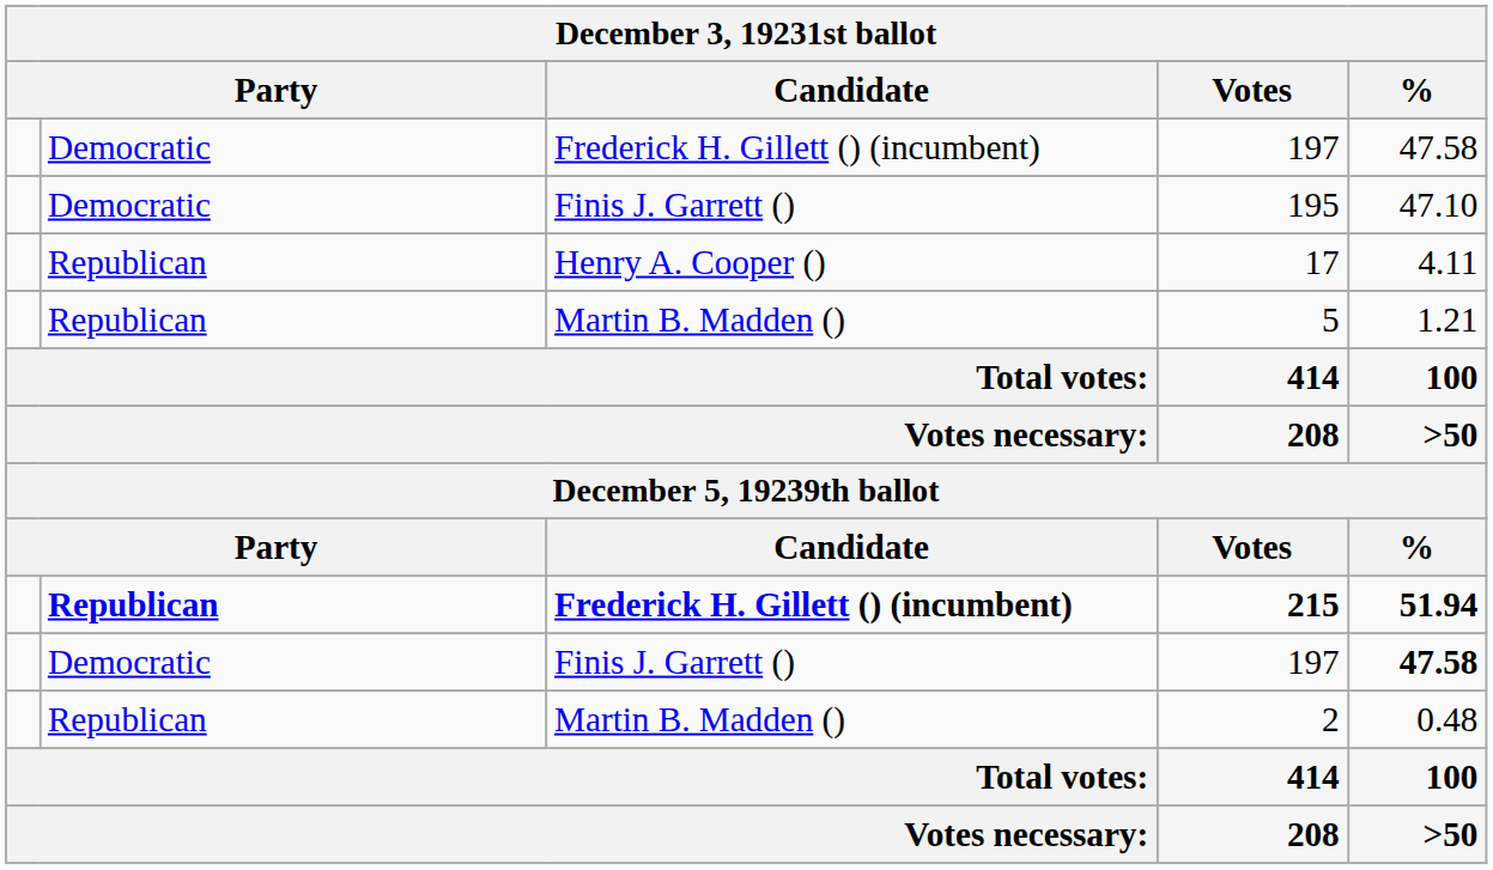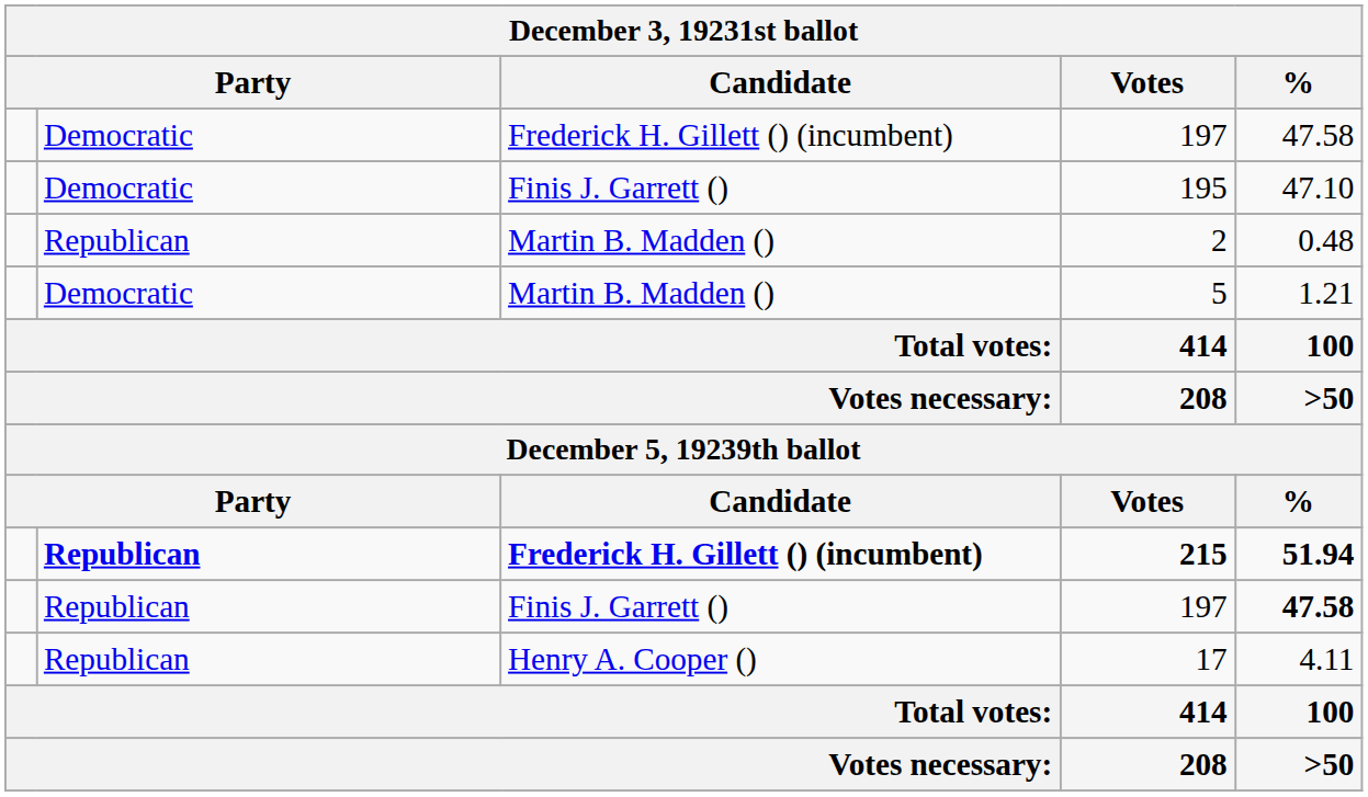 <table class="wikitable" style="margin-right:1em; font-size:95%">
 <tr>
 <th colspan=5 style="font-size:95%">December 3, 19231st ballot</th>
 </tr>
 <tr>
 <th scope="col" colspan="2" style="width: 15em">Party</th>
 <th scope="col" style="width: 17em">Candidate</th>
 <th scope="col" style="width: 5em">Votes</th>
 <th scope="col" style="width: 3.5em">%</th>
 </tr>
 <tr>
 <td style="width: 0.5em; background:"></td>
 <td><a href='#'>Democratic</a></td>
 <td><a href='#'>Frederick H. Gillett</a> () (incumbent)</td>
 <td style="text-align:right">197</td>
 <td style="text-align:right">47.58</td>
 </tr>
 <tr>
 <td style="background:"></td>
 <td><a href='#'>Democratic</a></td>
 <td><a href='#'>Finis J. Garrett</a> ()</td>
 <td style="text-align:right">195</td>
 <td style="text-align:right">47.10</td>
 </tr>
 <tr>
 <td style="background:"></td>
 <td><a href='#'>Republican</a></td>
-<td><a href='#'>Henry A. Cooper</a> ()</td>
-<td style="text-align:right">17</td>
-<td style="text-align:right">4.11</td>
+<td><a href='#'>Martin B. Madden</a> ()</td>
+<td style="text-align:right">2</td>
+<td style="text-align:right">0.48</td>
 </tr>
 <tr>
 <td style="background:"></td>
-<td><a href='#'>Republican</a></td>
+<td><a href='#'>Democratic</a></td>
 <td><a href='#'>Martin B. Madden</a> ()</td>
 <td style="text-align:right">5</td>
 <td style="text-align:right">1.21</td>
 </tr>
 <tr>
 <th colspan=3 style="text-align:right">Total votes:</th>
 <td style="text-align:right; background:#f5f5f5"><strong>414</strong></td>
 <td style="text-align:right; background:#f5f5f5"><strong>100</strong></td>
 </tr>
 <tr>
 <th colspan=3 style="text-align:right">Votes necessary:</th>
 <td style="text-align:right; background:#f5f5f5"><strong>208</strong></td>
 <td style="text-align:right; background:#f5f5f5"><strong>>50</strong></td>
 </tr>
 <tr>
 <th colspan=5 style="font-size:95%">December 5, 19239th ballot</th>
 </tr>
 <tr>
 <th scope="col" colspan="2" style="width: 15em">Party</th>
 <th scope="col" style="width: 17em">Candidate</th>
 <th scope="col" style="width: 5em">Votes</th>
 <th scope="col" style="width: 3.5em">%</th>
 </tr>
 <tr>
 <td style="background:"></td>
 <td><strong><a href='#'>Republican</a></strong></td>
 <td><strong><a href='#'>Frederick H. Gillett</a> () (incumbent)</strong></td>
 <td style="text-align:right"><strong>215</strong></td>
 <td style="text-align:right"><strong>51.94</strong></td>
 </tr>
 <tr>
 <td style="background:"></td>
-<td><a href='#'>Democratic</a></td>
+<td><a href='#'>Republican</a></td>
 <td><a href='#'>Finis J. Garrett</a> ()</td>
 <td style="text-align:right">197</td>
 <td style="text-align:right"><strong>47.58</strong></td>
 </tr>
 <tr>
 <td style="background:"></td>
 <td><a href='#'>Republican</a></td>
-<td><a href='#'>Martin B. Madden</a> ()</td>
-<td style="text-align:right">2</td>
-<td style="text-align:right">0.48</td>
+<td><a href='#'>Henry A. Cooper</a> ()</td>
+<td style="text-align:right">17</td>
+<td style="text-align:right">4.11</td>
 </tr>
 <tr>
 <th colspan=3 style="text-align:right">Total votes:</th>
 <td style="text-align:right; background:#f5f5f5"><strong>414</strong></td>
 <td style="text-align:right; background:#f5f5f5"><strong>100</strong></td>
 </tr>
 <tr>
 <th colspan=3 style="text-align:right">Votes necessary:</th>
 <td style="text-align:right; background:#f5f5f5"><strong>208</strong></td>
 <td style="text-align:right; background:#f5f5f5"><strong>>50</strong></td>
 </tr>
 </table>
